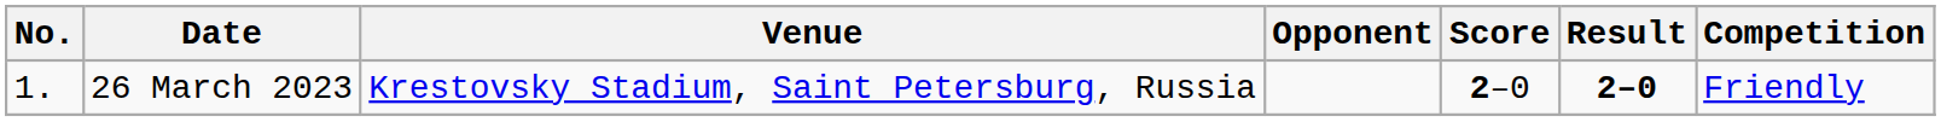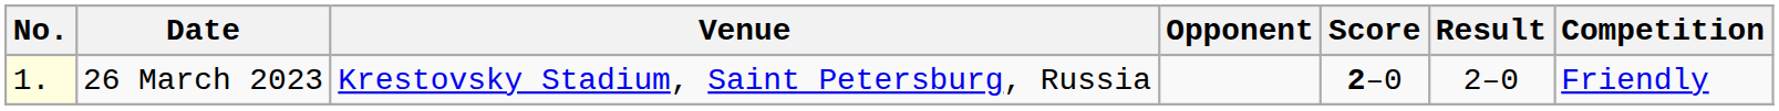 <table class="wikitable">
 <tr>
 <th>No.</th>
 <th>Date</th>
 <th>Venue</th>
 <th>Opponent</th>
 <th>Score</th>
 <th>Result</th>
 <th>Competition</th>
 </tr>
 <tr>
-<td>1.</td>
+<td style="background: lightyellow;">1.</td>
 <td>26 March 2023</td>
 <td><a href='#'>Krestovsky Stadium</a>, <a href='#'>Saint Petersburg</a>, Russia</td>
 <td></td>
 <td align=center><strong>2</strong>–0</td>
-<td align=center><strong>2–0</strong></td>
+<td align=center>2–0</td>
 <td><a href='#'>Friendly</a></td>
 </tr>
 <tr>
 </tr>
 </table>
